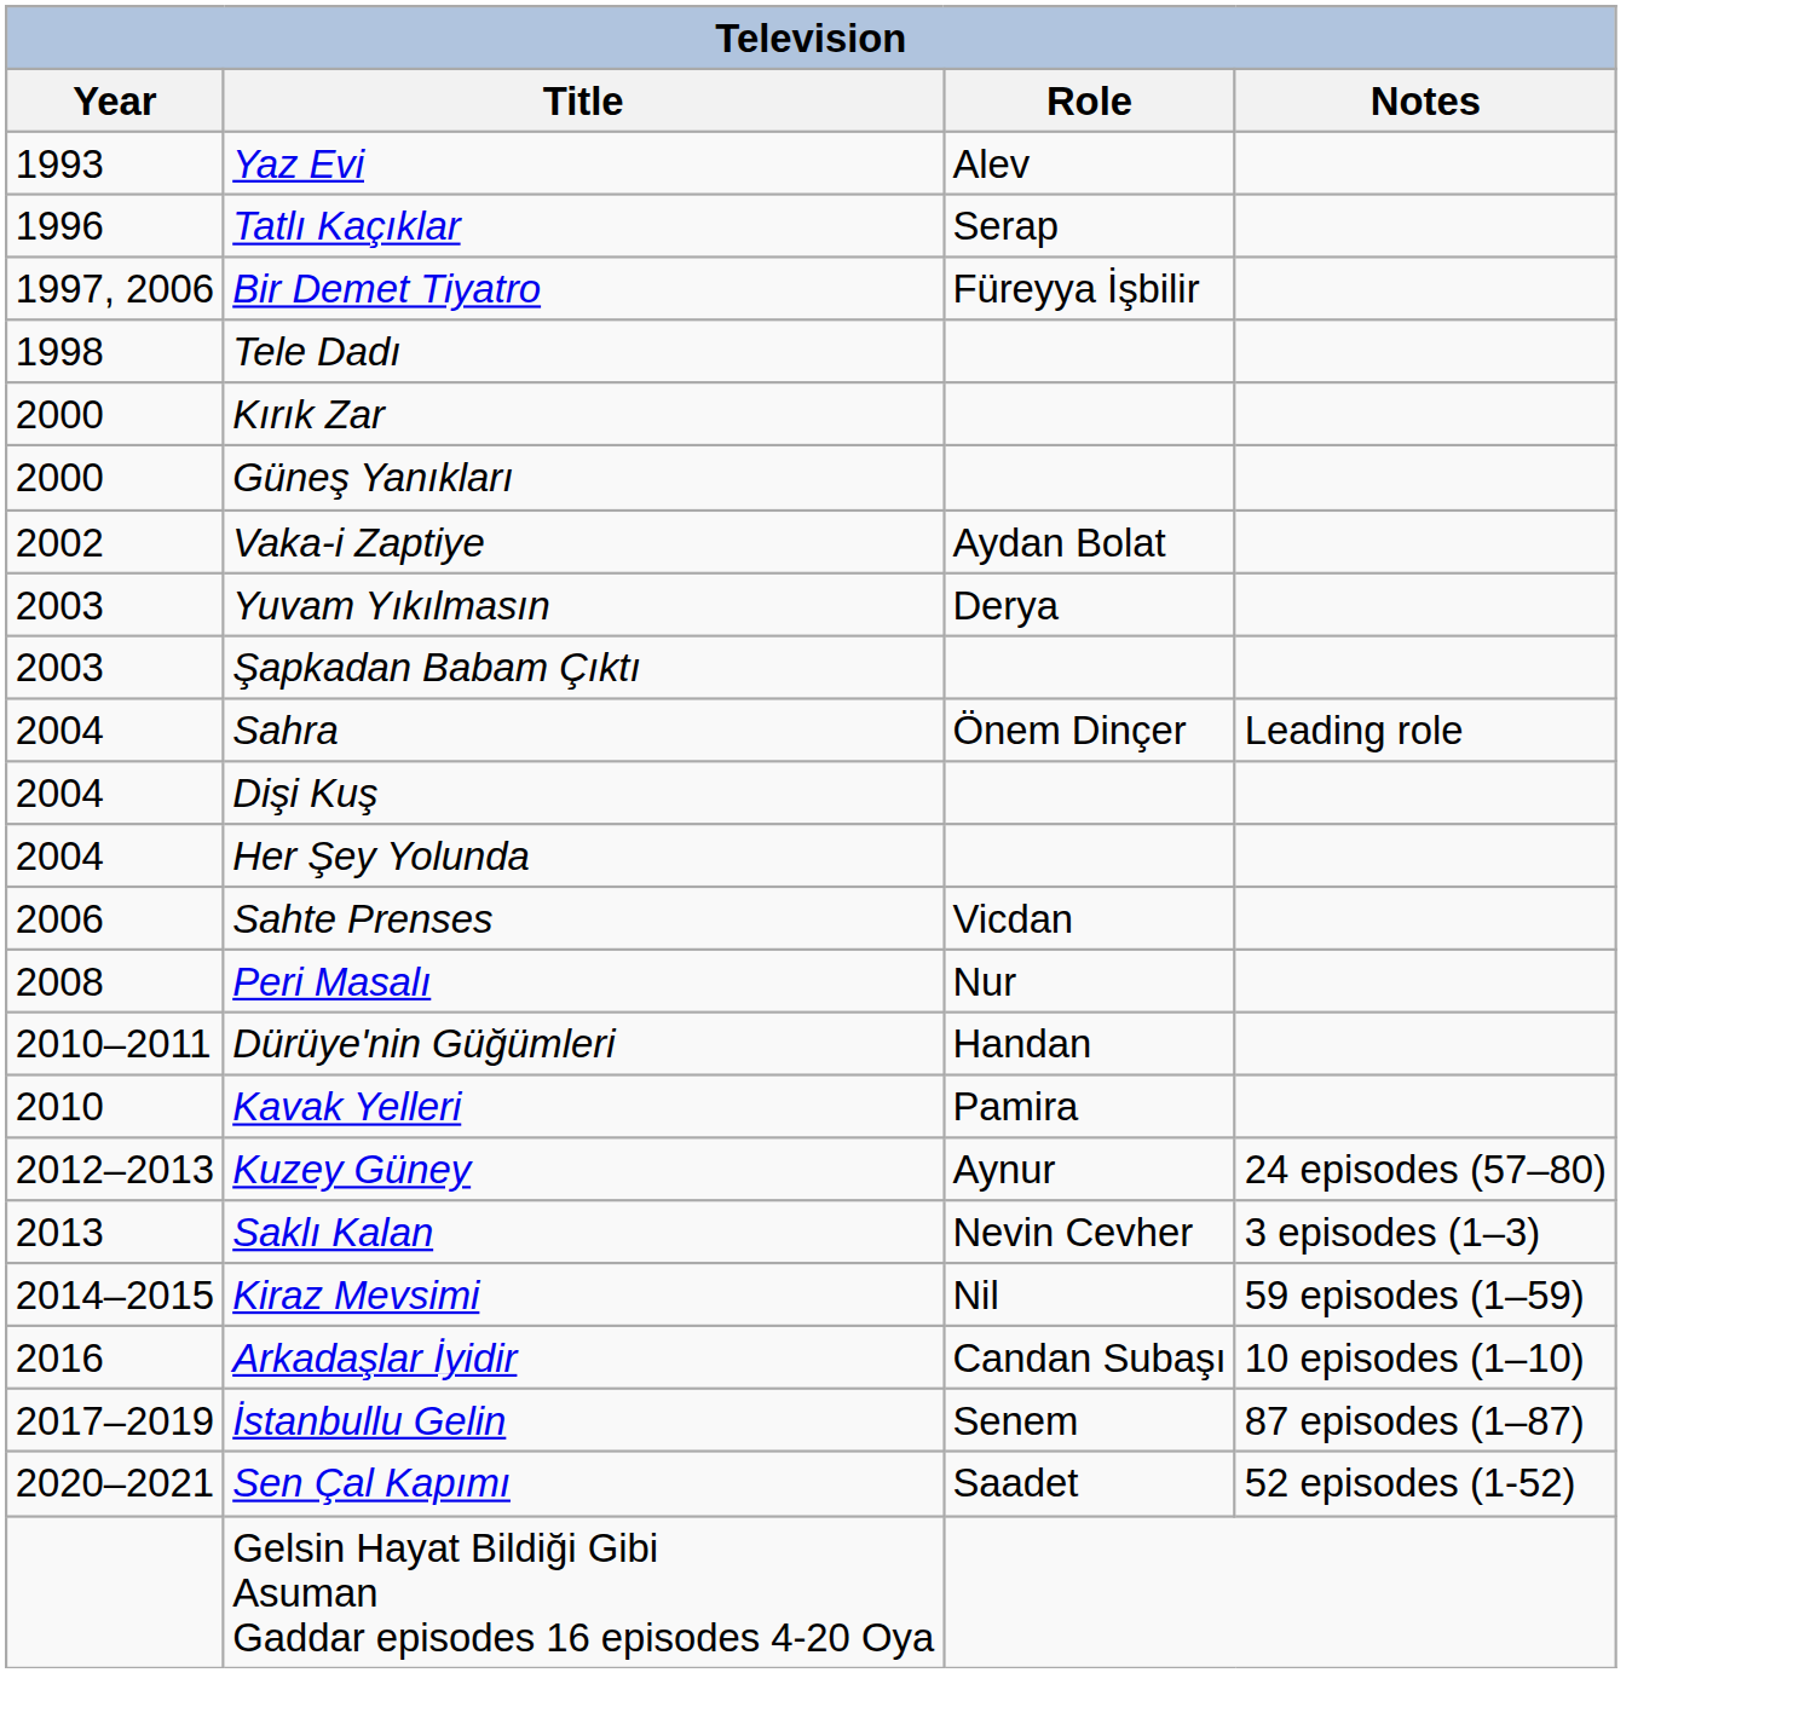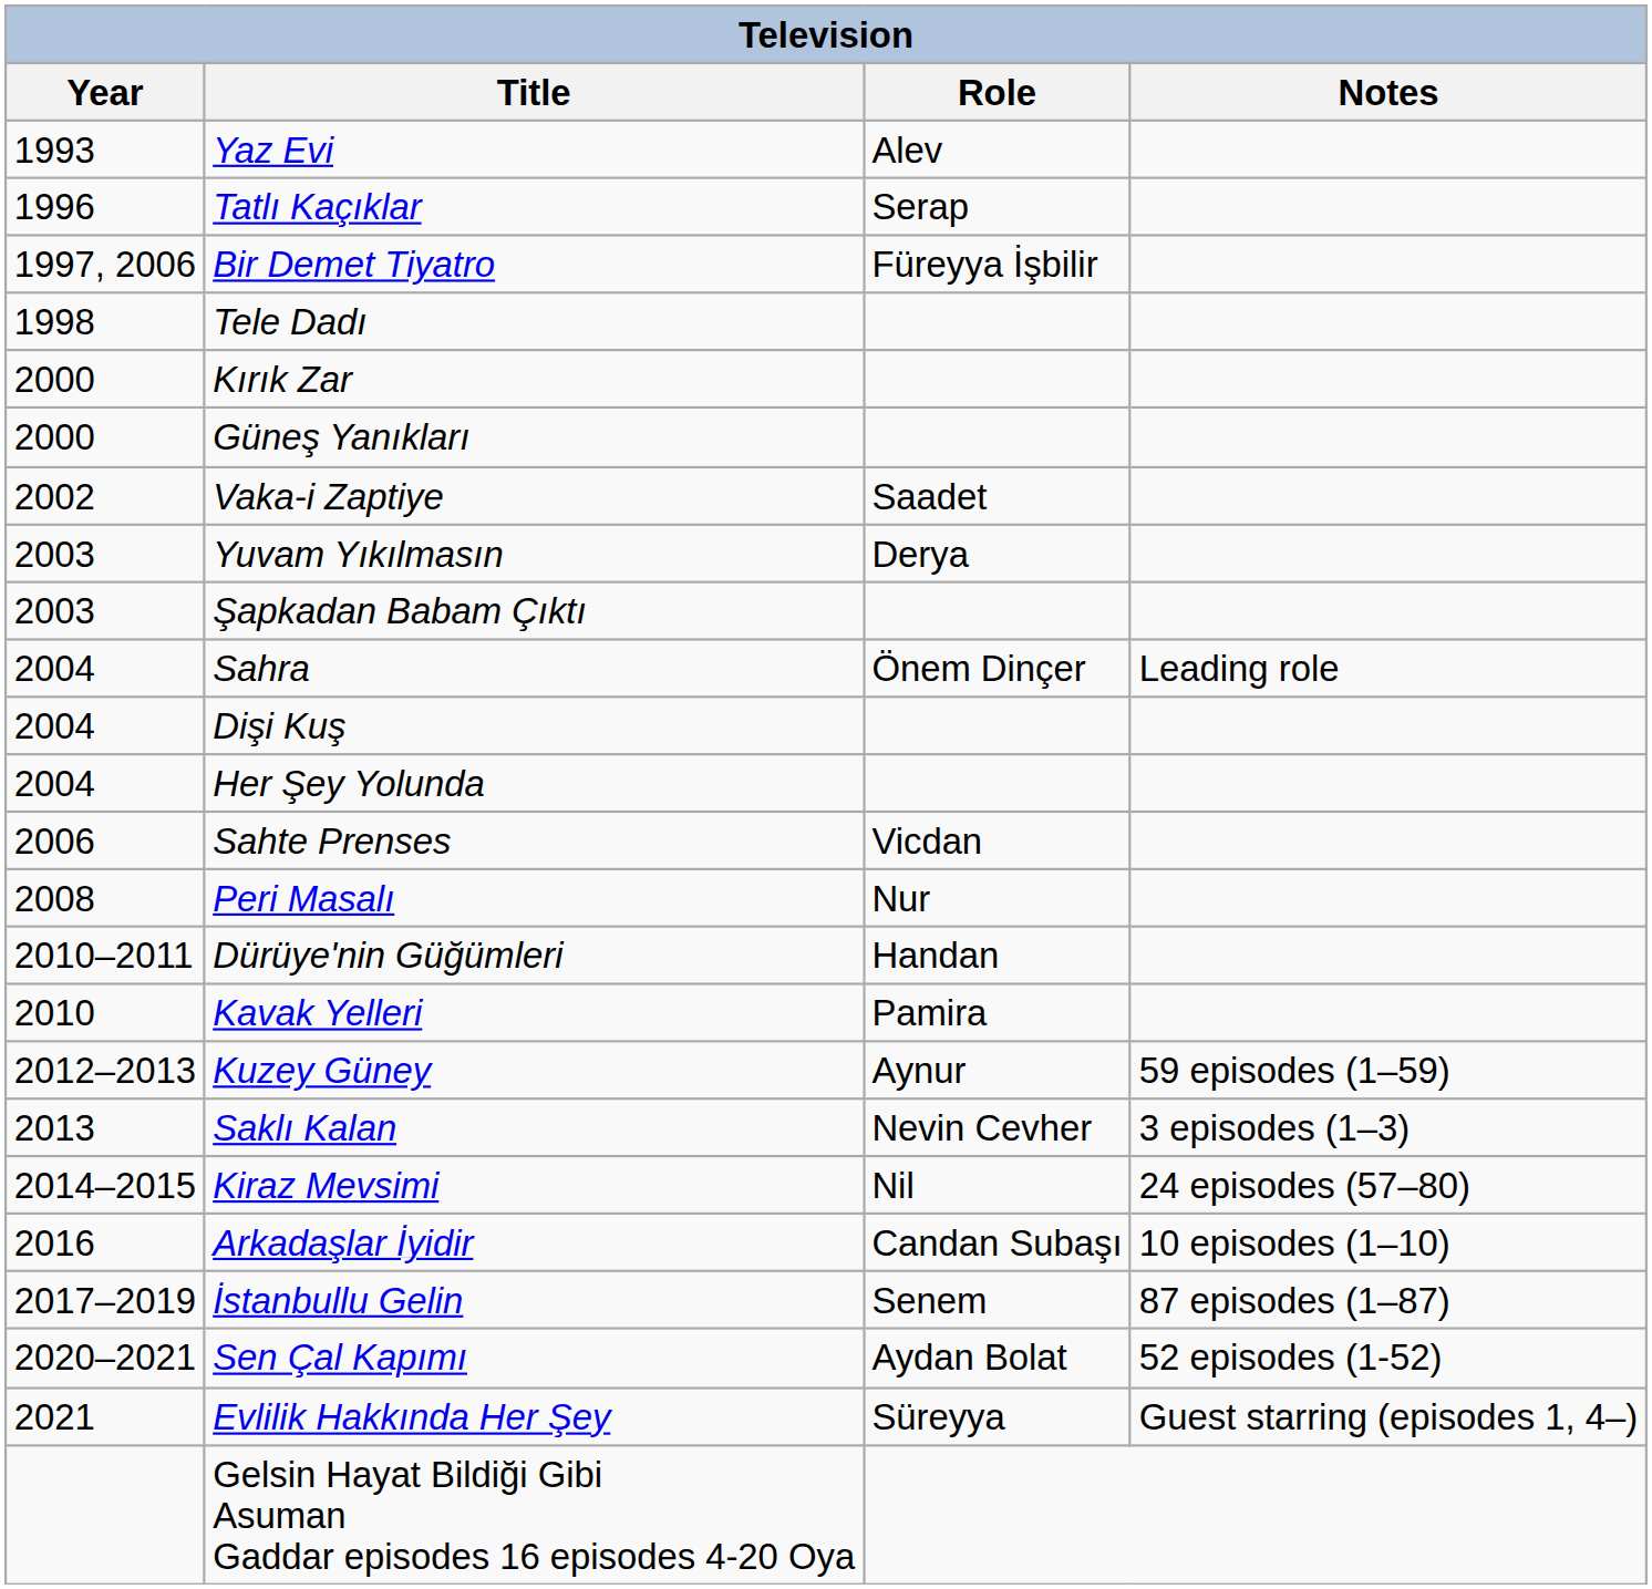 <table class="wikitable plainrowheaders sortable" style="margin-right: 0; font-size: 95%;">
 <tr bgcolor="#CCCCCC" align="center">
 <th colspan="4" style="background: LightSteelBlue;">Television</th>
 </tr>
 <tr bgcolor="#CCCCCC" align="center">
 <th>Year</th>
 <th>Title</th>
 <th>Role</th>
 <th>Notes</th>
 </tr>
 <tr>
 <td>1993</td>
 <td><em><a href='#'>Yaz Evi</a></em></td>
 <td>Alev</td>
 <td></td>
 </tr>
 <tr>
 <td>1996</td>
 <td><em><a href='#'>Tatlı Kaçıklar</a></em></td>
 <td>Serap</td>
 <td></td>
 </tr>
 <tr>
 <td>1997, 2006</td>
 <td><em><a href='#'>Bir Demet Tiyatro</a></em></td>
 <td>Füreyya İşbilir</td>
 <td></td>
 </tr>
 <tr>
 <td>1998</td>
 <td><em>Tele Dadı</em></td>
 <td></td>
 <td></td>
 </tr>
 <tr>
 <td>2000</td>
 <td><em>Kırık Zar</em></td>
 <td></td>
 <td></td>
 </tr>
 <tr>
 <td>2000</td>
 <td><em>Güneş Yanıkları</em></td>
 <td></td>
 <td></td>
 </tr>
 <tr>
 <td>2002</td>
 <td><em>Vaka-i Zaptiye</em></td>
-<td>Aydan Bolat</td>
+<td>Saadet</td>
 <td></td>
 </tr>
 <tr>
 <td>2003</td>
 <td><em>Yuvam Yıkılmasın</em></td>
 <td>Derya</td>
 <td></td>
 </tr>
 <tr>
 <td>2003</td>
 <td><em>Şapkadan Babam Çıktı</em></td>
 <td></td>
 <td></td>
 </tr>
 <tr>
 <td>2004</td>
 <td><em>Sahra</em></td>
 <td>Önem Dinçer</td>
 <td>Leading role</td>
 </tr>
 <tr>
 <td>2004</td>
 <td><em>Dişi Kuş</em></td>
 <td></td>
 <td></td>
 </tr>
 <tr>
 <td>2004</td>
 <td><em>Her Şey Yolunda</em></td>
 <td></td>
 <td></td>
 </tr>
 <tr>
 <td>2006</td>
 <td><em>Sahte Prenses</em></td>
 <td>Vicdan</td>
 <td></td>
 </tr>
 <tr>
 <td>2008</td>
 <td><em><a href='#'>Peri Masalı</a></em></td>
 <td>Nur</td>
 <td></td>
 </tr>
 <tr>
 <td>2010–2011</td>
 <td><em>Dürüye'nin Güğümleri</em></td>
 <td>Handan</td>
 <td></td>
 </tr>
 <tr>
 <td>2010</td>
 <td><em><a href='#'>Kavak Yelleri</a></em></td>
 <td>Pamira</td>
 <td></td>
 </tr>
 <tr>
 <td>2012–2013</td>
 <td><em><a href='#'>Kuzey Güney</a></em></td>
 <td>Aynur</td>
-<td>24 episodes (57–80)</td>
+<td>59 episodes (1–59)</td>
 </tr>
 <tr>
 <td>2013</td>
 <td><em><a href='#'>Saklı Kalan</a></em></td>
 <td>Nevin Cevher</td>
 <td>3 episodes (1–3)</td>
 </tr>
 <tr>
 <td>2014–2015</td>
 <td><em><a href='#'>Kiraz Mevsimi</a></em></td>
 <td>Nil</td>
-<td>59 episodes (1–59)</td>
+<td>24 episodes (57–80)</td>
 </tr>
 <tr>
 <td>2016</td>
 <td><em><a href='#'>Arkadaşlar İyidir</a></em></td>
 <td>Candan Subaşı</td>
 <td>10 episodes (1–10)</td>
 </tr>
 <tr>
 <td>2017–2019</td>
 <td><em><a href='#'>İstanbullu Gelin</a></em></td>
 <td>Senem</td>
 <td>87 episodes (1–87)</td>
 </tr>
 <tr>
 <td>2020–2021</td>
 <td><em><a href='#'>Sen Çal Kapımı</a></em></td>
-<td>Saadet</td>
+<td>Aydan Bolat</td>
 <td>52 episodes (1-52)</td>
+</tr>
+<tr>
+<td>2021</td>
+<td><em><a href='#'>Evlilik Hakkında Her Şey</a></em></td>
+<td>Süreyya</td>
+<td>Guest starring (episodes 1, 4–)</td>
 </tr>
 <tr>
 <td></td>
 <td>Gelsin Hayat Bildiği Gibi<br>Asuman<br>Gaddar episodes 16 episodes 4-20 Oya</td>
 </tr>
 </table>
